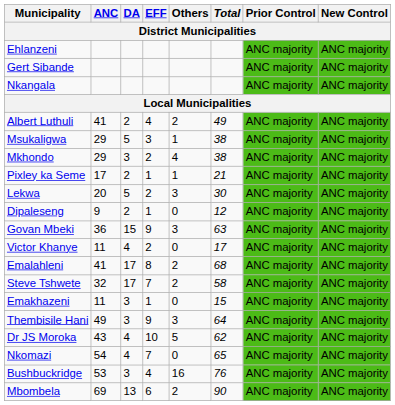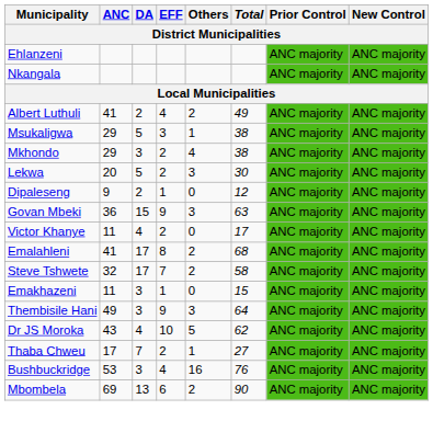 <table class="wikitable">
 <tr>
 <th>Municipality</th>
 <th><a href='#'>ANC</a></th>
 <th><a href='#'>DA</a></th>
 <th><a href='#'>EFF</a></th>
 <th>Others</th>
 <th><em>Total</em></th>
 <th>Prior Control</th>
 <th>New Control</th>
 </tr>
 <tr>
 <th colspan="8">District Municipalities</th>
 </tr>
 <tr>
 <td><a href='#'>Ehlanzeni</a></td>
-<td></td>
-<td></td>
-<td></td>
-<td></td>
-<td></td>
-<td style="background:#4CBB17">ANC majority</td>
-<td style="background:#4CBB17">ANC majority</td>
-</tr>
-<tr>
-<td><a href='#'>Gert Sibande</a></td>
 <td></td>
 <td></td>
 <td></td>
 <td></td>
 <td></td>
 <td style="background:#4CBB17">ANC majority</td>
 <td style="background:#4CBB17">ANC majority</td>
 </tr>
 <tr>
 <td><a href='#'>Nkangala</a></td>
 <td></td>
 <td></td>
 <td></td>
 <td></td>
 <td></td>
 <td style="background:#4CBB17">ANC majority</td>
 <td style="background:#4CBB17">ANC majority</td>
 </tr>
 <tr>
 <th colspan="8">Local Municipalities</th>
 </tr>
 <tr>
 <td><a href='#'>Albert Luthuli</a></td>
 <td>41</td>
 <td>2</td>
 <td>4</td>
 <td>2</td>
 <td><em>49</em></td>
 <td style="background:#4CBB17">ANC majority</td>
 <td style="background:#4CBB17">ANC majority</td>
 </tr>
 <tr>
 <td><a href='#'>Msukaligwa</a></td>
 <td>29</td>
 <td>5</td>
 <td>3</td>
 <td>1</td>
 <td><em>38</em></td>
 <td style="background:#4CBB17">ANC majority</td>
 <td style="background:#4CBB17">ANC majority</td>
 </tr>
 <tr>
 <td><a href='#'>Mkhondo</a></td>
 <td>29</td>
 <td>3</td>
 <td>2</td>
 <td>4</td>
 <td><em>38</em></td>
-<td style="background:#4CBB17">ANC majority</td>
-<td style="background:#4CBB17">ANC majority</td>
-</tr>
-<tr>
-<td><a href='#'>Pixley ka Seme</a></td>
-<td>17</td>
-<td>2</td>
-<td>1</td>
-<td>1</td>
-<td><em>21</em></td>
 <td style="background:#4CBB17">ANC majority</td>
 <td style="background:#4CBB17">ANC majority</td>
 </tr>
 <tr>
 <td><a href='#'>Lekwa</a></td>
 <td>20</td>
 <td>5</td>
 <td>2</td>
 <td>3</td>
 <td><em>30</em></td>
 <td style="background:#4CBB17">ANC majority</td>
 <td style="background:#4CBB17">ANC majority</td>
 </tr>
 <tr>
 <td><a href='#'>Dipaleseng</a></td>
 <td>9</td>
 <td>2</td>
 <td>1</td>
 <td>0</td>
 <td><em>12</em></td>
 <td style="background:#4CBB17">ANC majority</td>
 <td style="background:#4CBB17">ANC majority</td>
 </tr>
 <tr>
 <td><a href='#'>Govan Mbeki</a></td>
 <td>36</td>
 <td>15</td>
 <td>9</td>
 <td>3</td>
 <td><em>63</em></td>
 <td style="background:#4CBB17">ANC majority</td>
 <td style="background:#4CBB17">ANC majority</td>
 </tr>
 <tr>
 <td><a href='#'>Victor Khanye</a></td>
 <td>11</td>
 <td>4</td>
 <td>2</td>
 <td>0</td>
 <td><em>17</em></td>
 <td style="background:#4CBB17">ANC majority</td>
 <td style="background:#4CBB17">ANC majority</td>
 </tr>
 <tr>
 <td><a href='#'>Emalahleni</a></td>
 <td>41</td>
 <td>17</td>
 <td>8</td>
 <td>2</td>
 <td><em>68</em></td>
 <td style="background:#4CBB17">ANC majority</td>
 <td style="background:#4CBB17">ANC majority</td>
 </tr>
 <tr>
 <td><a href='#'>Steve Tshwete</a></td>
 <td>32</td>
 <td>17</td>
 <td>7</td>
 <td>2</td>
 <td><em>58</em></td>
 <td style="background:#4CBB17">ANC majority</td>
 <td style="background:#4CBB17">ANC majority</td>
 </tr>
 <tr>
 <td><a href='#'>Emakhazeni</a></td>
 <td>11</td>
 <td>3</td>
 <td>1</td>
 <td>0</td>
 <td><em>15</em></td>
 <td style="background:#4CBB17">ANC majority</td>
 <td style="background:#4CBB17">ANC majority</td>
 </tr>
 <tr>
 <td><a href='#'>Thembisile Hani</a></td>
 <td>49</td>
 <td>3</td>
 <td>9</td>
 <td>3</td>
 <td><em>64</em></td>
 <td style="background:#4CBB17">ANC majority</td>
 <td style="background:#4CBB17">ANC majority</td>
 </tr>
 <tr>
 <td><a href='#'>Dr JS Moroka</a></td>
 <td>43</td>
 <td>4</td>
 <td>10</td>
 <td>5</td>
 <td><em>62</em></td>
 <td style="background:#4CBB17">ANC majority</td>
 <td style="background:#4CBB17">ANC majority</td>
 </tr>
 <tr>
-<td><a href='#'>Nkomazi</a></td>
-<td>54</td>
-<td>4</td>
+<td><a href='#'>Thaba Chweu</a></td>
+<td>17</td>
 <td>7</td>
-<td>0</td>
-<td><em>65</em></td>
+<td>2</td>
+<td>1</td>
+<td><em>27</em></td>
 <td style="background:#4CBB17">ANC majority</td>
 <td style="background:#4CBB17">ANC majority</td>
 </tr>
 <tr>
 <td><a href='#'>Bushbuckridge</a></td>
 <td>53</td>
 <td>3</td>
 <td>4</td>
 <td>16</td>
 <td><em>76</em></td>
 <td style="background:#4CBB17">ANC majority</td>
 <td style="background:#4CBB17">ANC majority</td>
 </tr>
 <tr>
 <td><a href='#'>Mbombela</a></td>
 <td>69</td>
 <td>13</td>
 <td>6</td>
 <td>2</td>
 <td><em>90</em></td>
 <td style="background:#4CBB17">ANC majority</td>
 <td style="background:#4CBB17">ANC majority</td>
 </tr>
 </table>
